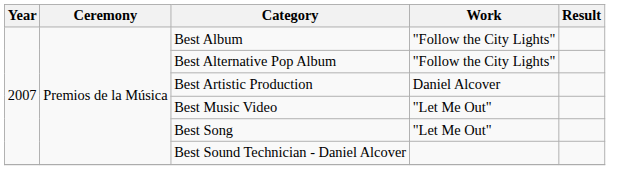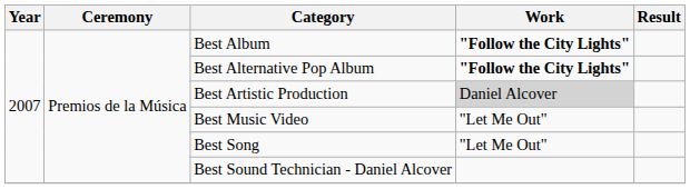 <table class="wikitable ">
 <tr>
 <th>Year</th>
 <th>Ceremony</th>
 <th>Category</th>
 <th>Work</th>
 <th>Result</th>
 </tr>
 <tr>
 <td rowspan="6">2007</td>
 <td rowspan="6">Premios de la Música</td>
 <td>Best Album</td>
-<td>"Follow the City Lights"</td>
+<td><strong>"Follow the City Lights"</strong></td>
 <td></td>
 </tr>
 <tr>
 <td>Best Alternative Pop Album</td>
-<td>"Follow the City Lights"</td>
+<td><strong>"Follow the City Lights"</strong></td>
 <td></td>
 </tr>
 <tr>
 <td>Best Artistic Production</td>
-<td>Daniel Alcover</td>
+<td style="background: lightgrey;">Daniel Alcover</td>
 <td></td>
 </tr>
 <tr>
 <td>Best Music Video</td>
 <td>"Let Me Out"</td>
 <td></td>
 </tr>
 <tr>
 <td>Best Song</td>
 <td>"Let Me Out"</td>
 <td></td>
 </tr>
 <tr>
 <td>Best Sound Technician - Daniel Alcover</td>
 <td></td>
 <td></td>
 </tr>
 <tr>
 </tr>
 </table>
